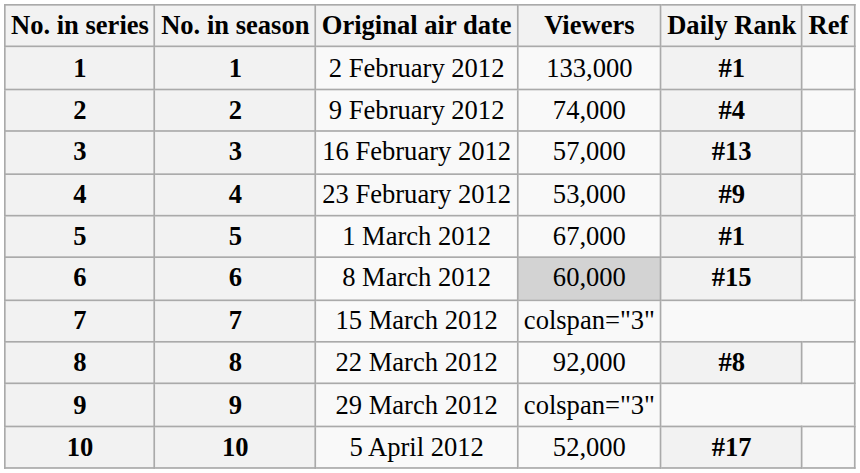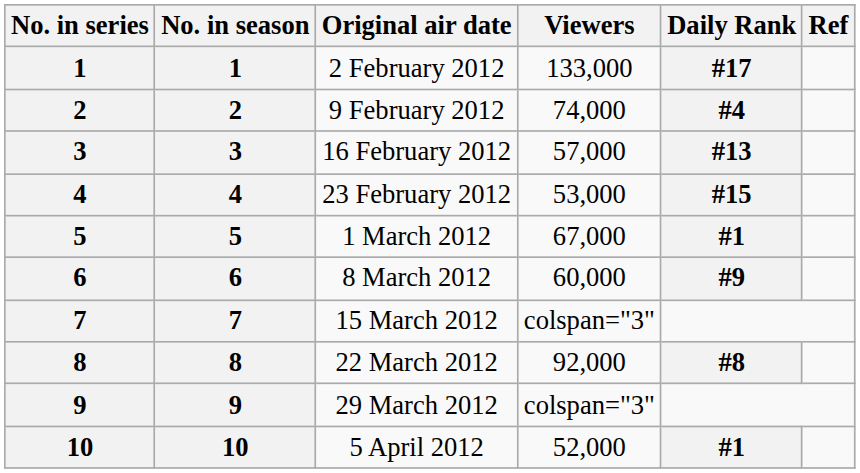 <table class="wikitable plainrowheaders" style="text-align: center; font-size:100%;">
 <tr>
 <th>No. in series</th>
 <th>No. in season</th>
 <th>Original air date</th>
 <th>Viewers</th>
 <th>Daily Rank</th>
 <th>Ref</th>
 </tr>
 <tr>
 <th>1</th>
 <th>1</th>
 <td>2 February 2012</td>
 <td>133,000</td>
-<th>#1</th>
+<th>#17</th>
 <td></td>
 </tr>
 <tr>
 <th>2</th>
 <th>2</th>
 <td>9 February 2012</td>
 <td>74,000</td>
 <th>#4</th>
 <td></td>
 </tr>
 <tr>
 <th>3</th>
 <th>3</th>
 <td>16 February 2012</td>
 <td>57,000</td>
 <th>#13</th>
 <td></td>
 </tr>
 <tr>
 <th>4</th>
 <th>4</th>
 <td>23 February 2012</td>
 <td>53,000</td>
-<th>#9</th>
+<th>#15</th>
 <td></td>
 </tr>
 <tr>
 <th>5</th>
 <th>5</th>
 <td>1 March 2012</td>
 <td>67,000</td>
 <th>#1</th>
 <td></td>
 </tr>
 <tr>
 <th>6</th>
 <th>6</th>
 <td>8 March 2012</td>
-<td style="background: lightgrey;">60,000</td>
-<th>#15</th>
+<td>60,000</td>
+<th>#9</th>
 <td></td>
 </tr>
 <tr>
 <th>7</th>
 <th>7</th>
 <td>15 March 2012</td>
 <td>colspan="3" </td>
 </tr>
 <tr>
 <th>8</th>
 <th>8</th>
 <td>22 March 2012</td>
 <td>92,000</td>
 <th>#8</th>
 <td></td>
 </tr>
 <tr>
 <th>9</th>
 <th>9</th>
 <td>29 March 2012</td>
 <td>colspan="3" </td>
 </tr>
 <tr>
 <th>10</th>
 <th>10</th>
 <td>5 April 2012</td>
 <td>52,000</td>
-<th>#17</th>
+<th>#1</th>
 <td></td>
 </tr>
 </table>
